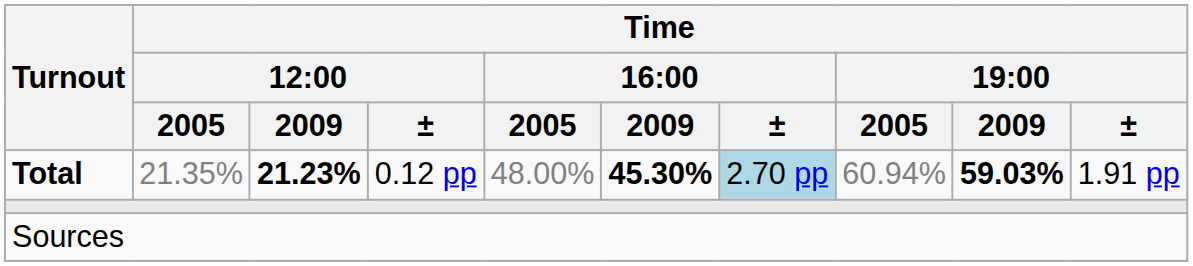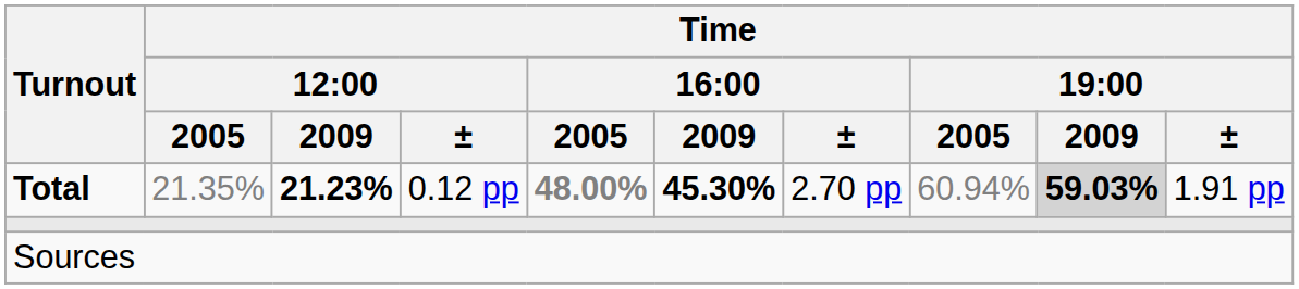 <table class="wikitable sortable" style="text-align:right;">
 <tr>
 <th rowspan="3">Turnout</th>
 <th colspan="9">Time</th>
 </tr>
 <tr>
 <th colspan="3">12:00</th>
 <th colspan="3">16:00</th>
 <th colspan="3">19:00</th>
 </tr>
 <tr>
 <th>2005</th>
 <th>2009</th>
 <th>±</th>
 <th>2005</th>
 <th>2009</th>
 <th>±</th>
 <th>2005</th>
 <th>2009</th>
 <th>±</th>
 </tr>
 <tr>
 <td align="left"><strong>Total</strong></td>
 <td style="color:gray;">21.35%</td>
 <td><strong>21.23%</strong></td>
 <td> 0.12 <a href='#'>pp</a></td>
-<td style="color:gray;">48.00%</td>
+<td style="color:gray;"><strong>48.00%</strong></td>
 <td><strong>45.30%</strong></td>
-<td style="background: lightblue;"> 2.70 <a href='#'>pp</a></td>
+<td> 2.70 <a href='#'>pp</a></td>
 <td style="color:gray;">60.94%</td>
-<td><strong>59.03%</strong></td>
+<td style="background: lightgrey;"><strong>59.03%</strong></td>
 <td> 1.91 <a href='#'>pp</a></td>
 </tr>
 <tr>
 <td colspan="10" bgcolor="#E9E9E9"></td>
 </tr>
 <tr>
 <td align="left" colspan="10">Sources</td>
 </tr>
 </table>
